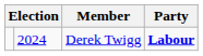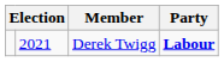 <table class="wikitable">
 <tr>
 <th colspan="2">Election</th>
 <th>Member</th>
 <th>Party</th>
 </tr>
 <tr>
 <td style="color:inherit;background-color: "></td>
-<td><a href='#'>2024</a></td>
+<td><a href='#'>2021</a></td>
 <td><a href='#'>Derek Twigg</a></td>
 <td><strong><a href='#'>Labour</a></strong></td>
 </tr>
 </table>
